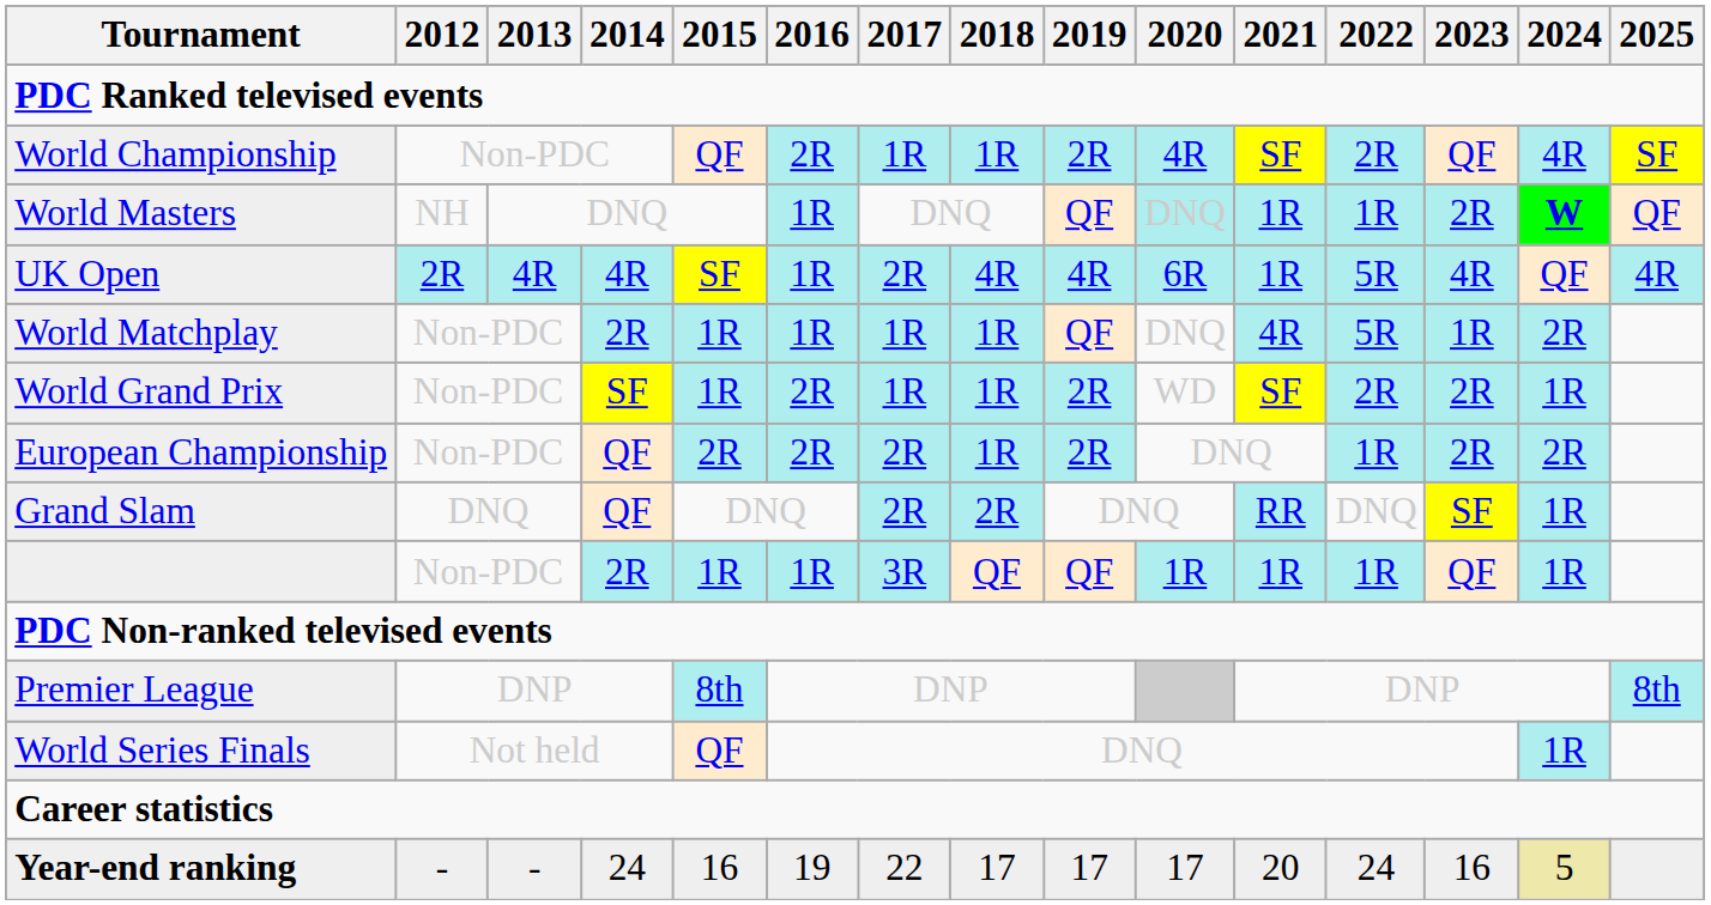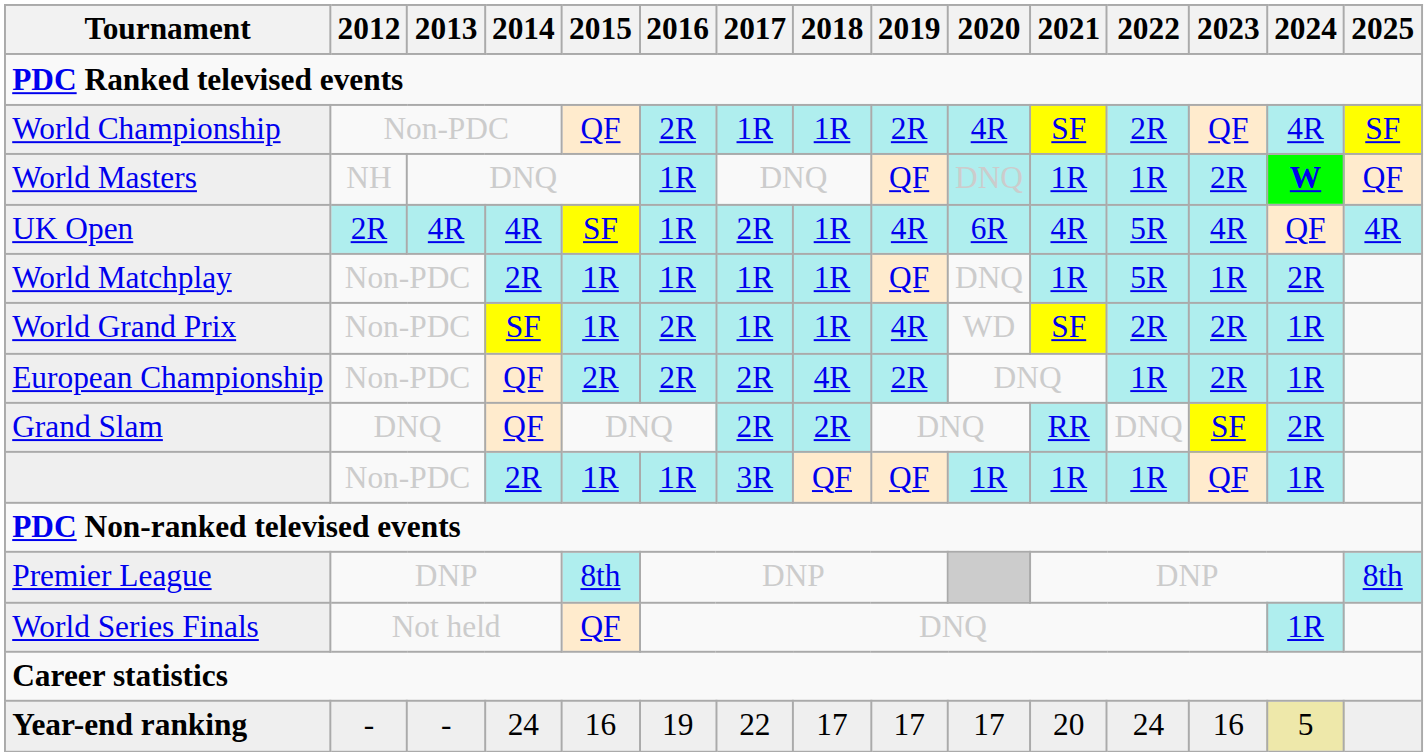 <table class="wikitable">
 <tr>
 <th>Tournament</th>
 <th>2012</th>
 <th>2013</th>
 <th>2014</th>
 <th>2015</th>
 <th>2016</th>
 <th>2017</th>
 <th>2018</th>
 <th>2019</th>
 <th>2020</th>
 <th>2021</th>
 <th>2022</th>
 <th>2023</th>
 <th>2024</th>
 <th>2025</th>
 </tr>
 <tr>
 <td colspan="26" align="left"><strong><a href='#'>PDC</a> Ranked televised events</strong></td>
 </tr>
 <tr>
 <td style="background:#efefef;"><a href='#'>World Championship</a></td>
 <td colspan="3" style="text-align:center; color:#ccc;">Non-PDC</td>
 <td style="text-align:center; background:#ffebcd;"><a href='#'>QF</a></td>
 <td style="text-align:center; background:#afeeee;"><a href='#'>2R</a></td>
 <td style="text-align:center; background:#afeeee;"><a href='#'>1R</a></td>
 <td style="text-align:center; background:#afeeee;"><a href='#'>1R</a></td>
 <td style="text-align:center; background:#afeeee;"><a href='#'>2R</a></td>
 <td style="text-align:center; background:#afeeee;"><a href='#'>4R</a></td>
 <td style="text-align:center; background:yellow;"><a href='#'>SF</a></td>
 <td style="text-align:center; background:#afeeee;"><a href='#'>2R</a></td>
 <td style="text-align:center; background:#ffebcd;"><a href='#'>QF</a></td>
 <td style="text-align:center; background:#afeeee;"><a href='#'>4R</a></td>
 <td style="text-align:center; background:yellow;"><a href='#'>SF</a></td>
 </tr>
 <tr>
 <td style="background:#efefef;"><a href='#'>World Masters</a></td>
 <td style="text-align:center; color:#ccc;">NH</td>
 <td colspan="3" style="text-align:center; color:#ccc;">DNQ</td>
 <td style="text-align:center; background:#afeeee;"><a href='#'>1R</a></td>
 <td colspan="2" style="text-align:center; color:#ccc;">DNQ</td>
 <td style="text-align:center; background:#ffebcd;"><a href='#'>QF</a></td>
 <td colspan="1" style="background: paleturquoise; text-align:center; color:#ccc;">DNQ</td>
 <td style="text-align:center; background:#afeeee;"><a href='#'>1R</a></td>
 <td style="text-align:center; background:#afeeee;"><a href='#'>1R</a></td>
 <td style="text-align:center; background:#afeeee;"><a href='#'>2R</a></td>
 <td style="text-align:center; background:lime;"><strong><a href='#'>W</a></strong></td>
 <td style="text-align:center; background:#ffebcd;"><a href='#'>QF</a></td>
 </tr>
 <tr>
 <td style="background:#efefef;"><a href='#'>UK Open</a></td>
 <td style="text-align:center; background:#afeeee;"><a href='#'>2R</a></td>
 <td style="text-align:center; background:#afeeee;"><a href='#'>4R</a></td>
 <td style="text-align:center; background:#afeeee;"><a href='#'>4R</a></td>
 <td style="text-align:center; background:yellow;"><a href='#'>SF</a></td>
 <td style="text-align:center; background:#afeeee;"><a href='#'>1R</a></td>
 <td style="text-align:center; background:#afeeee;"><a href='#'>2R</a></td>
-<td style="text-align:center; background:#afeeee;"><a href='#'>4R</a></td>
+<td style="text-align:center; background:#afeeee;"><a href='#'>1R</a></td>
 <td style="text-align:center; background:#afeeee;"><a href='#'>4R</a></td>
 <td style="text-align:center; background:#afeeee;"><a href='#'>6R</a></td>
-<td style="text-align:center; background:#afeeee;"><a href='#'>1R</a></td>
+<td style="text-align:center; background:#afeeee;"><a href='#'>4R</a></td>
 <td style="text-align:center; background:#afeeee;"><a href='#'>5R</a></td>
 <td style="text-align:center; background:#afeeee;"><a href='#'>4R</a></td>
 <td style="text-align:center; background:#ffebcd;"><a href='#'>QF</a></td>
 <td style="text-align:center; background:#afeeee;"><a href='#'>4R</a></td>
 </tr>
 <tr>
 <td style="background:#efefef;"><a href='#'>World Matchplay</a></td>
 <td colspan="2" style="text-align:center; color:#ccc;">Non-PDC</td>
 <td style="text-align:center; background:#afeeee;"><a href='#'>2R</a></td>
 <td style="text-align:center; background:#afeeee;"><a href='#'>1R</a></td>
 <td style="text-align:center; background:#afeeee;"><a href='#'>1R</a></td>
 <td style="text-align:center; background:#afeeee;"><a href='#'>1R</a></td>
 <td style="text-align:center; background:#afeeee;"><a href='#'>1R</a></td>
 <td style="text-align:center; background:#ffebcd;"><a href='#'>QF</a></td>
 <td style="text-align:center; color:#ccc;">DNQ</td>
-<td style="text-align:center; background:#afeeee;"><a href='#'>4R</a></td>
+<td style="text-align:center; background:#afeeee;"><a href='#'>1R</a></td>
 <td style="text-align:center; background:#afeeee;"><a href='#'>5R</a></td>
 <td style="text-align:center; background:#afeeee;"><a href='#'>1R</a></td>
 <td style="text-align:center; background:#afeeee;"><a href='#'>2R</a></td>
 <td></td>
 </tr>
 <tr>
 <td style="background:#efefef;"><a href='#'>World Grand Prix</a></td>
 <td colspan="2" style="text-align:center; color:#ccc;">Non-PDC</td>
 <td style="text-align:center; background:yellow;"><a href='#'>SF</a></td>
 <td style="text-align:center; background:#afeeee;"><a href='#'>1R</a></td>
 <td style="text-align:center; background:#afeeee;"><a href='#'>2R</a></td>
 <td style="text-align:center; background:#afeeee;"><a href='#'>1R</a></td>
 <td style="text-align:center; background:#afeeee;"><a href='#'>1R</a></td>
-<td style="text-align:center; background:#afeeee;"><a href='#'>2R</a></td>
+<td style="text-align:center; background:#afeeee;"><a href='#'>4R</a></td>
 <td style="text-align:center; color:#ccc;">WD</td>
 <td style="text-align:center; background:yellow;"><a href='#'>SF</a></td>
 <td style="text-align:center; background:#afeeee;"><a href='#'>2R</a></td>
 <td style="text-align:center; background:#afeeee;"><a href='#'>2R</a></td>
 <td style="text-align:center; background:#afeeee;"><a href='#'>1R</a></td>
 <td></td>
 </tr>
 <tr>
 <td style="background:#efefef;"><a href='#'>European Championship</a></td>
 <td colspan="2" style="text-align:center; color:#ccc;">Non-PDC</td>
 <td style="text-align:center; background:#ffebcd;"><a href='#'>QF</a></td>
 <td style="text-align:center; background:#afeeee;"><a href='#'>2R</a></td>
 <td style="text-align:center; background:#afeeee;"><a href='#'>2R</a></td>
 <td style="text-align:center; background:#afeeee;"><a href='#'>2R</a></td>
-<td style="text-align:center; background:#afeeee;"><a href='#'>1R</a></td>
+<td style="text-align:center; background:#afeeee;"><a href='#'>4R</a></td>
 <td style="text-align:center; background:#afeeee;"><a href='#'>2R</a></td>
 <td colspan="2" style="text-align:center; color:#ccc;">DNQ</td>
 <td style="text-align:center; background:#afeeee;"><a href='#'>1R</a></td>
 <td style="text-align:center; background:#afeeee;"><a href='#'>2R</a></td>
-<td style="text-align:center; background:#afeeee;"><a href='#'>2R</a></td>
+<td style="text-align:center; background:#afeeee;"><a href='#'>1R</a></td>
 <td></td>
 </tr>
 <tr>
 <td style="background:#efefef;"><a href='#'>Grand Slam</a></td>
 <td colspan="2" style="text-align:center; color:#ccc;">DNQ</td>
 <td style="text-align:center; background:#ffebcd;"><a href='#'>QF</a></td>
 <td colspan="2" style="text-align:center; color:#ccc;">DNQ</td>
 <td style="text-align:center; background:#afeeee;"><a href='#'>2R</a></td>
 <td style="text-align:center; background:#afeeee;"><a href='#'>2R</a></td>
 <td colspan="2" style="text-align:center; color:#ccc;">DNQ</td>
 <td style="text-align:center; background:#afeeee;"><a href='#'>RR</a></td>
 <td style="text-align:center; color:#ccc;">DNQ</td>
 <td style="text-align:center; background:yellow;"><a href='#'>SF</a></td>
-<td style="text-align:center; background:#afeeee;"><a href='#'>1R</a></td>
+<td style="text-align:center; background:#afeeee;"><a href='#'>2R</a></td>
 <td></td>
 </tr>
 <tr>
 <td style="background:#efefef;"></td>
 <td colspan="2" style="text-align:center; color:#ccc;">Non-PDC</td>
 <td style="text-align:center; background:#afeeee;"><a href='#'>2R</a></td>
 <td style="text-align:center; background:#afeeee;"><a href='#'>1R</a></td>
 <td style="text-align:center; background:#afeeee;"><a href='#'>1R</a></td>
 <td style="text-align:center; background:#afeeee;"><a href='#'>3R</a></td>
 <td style="text-align:center; background:#ffebcd;"><a href='#'>QF</a></td>
 <td style="text-align:center; background:#ffebcd;"><a href='#'>QF</a></td>
 <td style="text-align:center; background:#afeeee;"><a href='#'>1R</a></td>
 <td style="text-align:center; background:#afeeee;"><a href='#'>1R</a></td>
 <td style="text-align:center; background:#afeeee;"><a href='#'>1R</a></td>
 <td style="text-align:center; background:#ffebcd;"><a href='#'>QF</a></td>
 <td style="text-align:center; background:#afeeee;"><a href='#'>1R</a></td>
 <td></td>
 </tr>
 <tr>
 <td colspan="26" align="left"><strong><a href='#'>PDC</a> Non-ranked televised events</strong></td>
 </tr>
 <tr>
 <td style="background:#efefef;"><a href='#'>Premier League</a></td>
 <td colspan="3" style="text-align:center; color:#ccc;">DNP</td>
 <td style="text-align:center; background:#afeeee;"><a href='#'>8th</a></td>
 <td colspan="4" style="text-align:center; color:#ccc;">DNP</td>
 <td style="text-align:center; background:#ccc;"><a href='#'></a></td>
 <td colspan="4" style="text-align:center; color:#ccc;">DNP</td>
 <td style="text-align:center; background:#afeeee;"><a href='#'>8th</a></td>
 </tr>
 <tr>
 <td style="background:#efefef;" align=left><a href='#'>World Series Finals</a></td>
 <td colspan="3" style="text-align:center; color:#ccc;">Not held</td>
 <td style="text-align:center; background:#ffebcd;"><a href='#'>QF</a></td>
 <td colspan="8" style="text-align:center; color:#ccc;">DNQ</td>
 <td style="text-align:center; background:#afeeee;"><a href='#'>1R</a></td>
 <td></td>
 </tr>
 <tr>
 <td colspan="24" align="left"><strong>Career statistics</strong></td>
 </tr>
 <tr bgcolor="efefef">
 <td align="left"><strong>Year-end ranking</strong></td>
 <td style="text-align:center;">-</td>
 <td style="text-align:center;">-</td>
 <td style="text-align:center;">24</td>
 <td style="text-align:center;">16</td>
 <td style="text-align:center;">19</td>
 <td style="text-align:center;">22</td>
 <td style="text-align:center;">17</td>
 <td style="text-align:center;">17</td>
 <td style="text-align:center;">17</td>
 <td style="text-align:center;">20</td>
 <td style="text-align:center;">24</td>
 <td style="text-align:center;">16</td>
 <td style="text-align:center; background:#eee8aa;">5</td>
 <td></td>
 </tr>
 </table>
